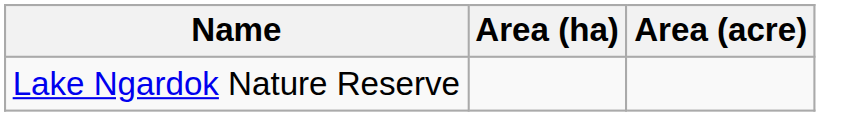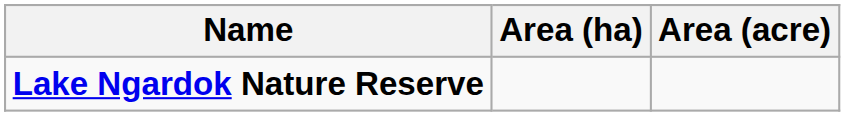 <table class="wikitable sortable">
 <tr>
 <th scope="col" align=left>Name</th>
 <th scope="col">Area (ha)</th>
 <th scope="col">Area (acre)</th>
 </tr>
 <tr ---->
-<td><a href='#'>Lake Ngardok</a> Nature Reserve</td>
+<td><strong><a href='#'>Lake Ngardok</a> Nature Reserve</strong></td>
 <td></td>
 </tr>
 </table>
